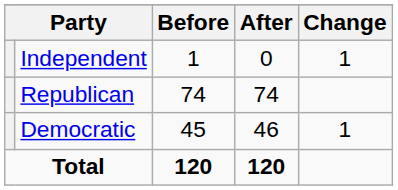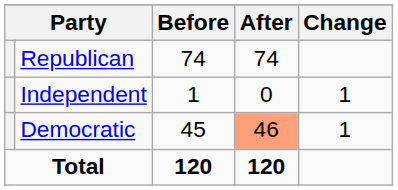 <table class="wikitable" style="text-align:center;">
 <tr>
 </tr>
 <tr>
 <th colspan=2>Party</th>
 <th>Before</th>
 <th>After</th>
 <th>Change</th>
 </tr>
 <tr>
 <th style="background-color:"></th>
+<td style="text-align:left;"><a href='#'>Republican</a></td>
+<td>74</td>
+<td>74</td>
+<td></td>
+</tr>
+<tr>
+<th style="background-color:"></th>
 <td style="text-align:left;"><a href='#'>Independent</a></td>
 <td>1</td>
 <td>0</td>
 <td> 1</td>
 </tr>
 <tr>
 <th style="background-color:"></th>
-<td style="text-align:left;"><a href='#'>Republican</a></td>
-<td>74</td>
-<td>74</td>
-<td></td>
-</tr>
-<tr>
-<th style="background-color:"></th>
 <td style="text-align:left;"><a href='#'>Democratic</a></td>
 <td>45</td>
-<td>46</td>
+<td style="background: lightsalmon;">46</td>
 <td> 1</td>
 </tr>
 <tr>
 <td colspan=2><strong>Total</strong></td>
 <td><strong>120</strong></td>
 <td><strong>120</strong></td>
 <td></td>
 </tr>
 </table>
